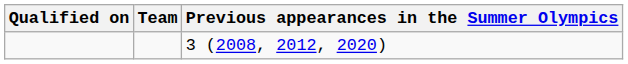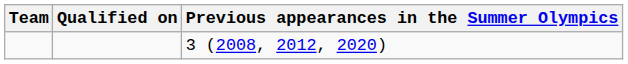 <table class="wikitable sortable">
 <tr>
+<th>Team</th>
 <th>Qualified on</th>
-<th>Team</th>
 <th data-sort-type="number">Previous appearances in the <a href='#'>Summer Olympics</a></th>
 </tr>
 <tr>
 <td></td>
 <td></td>
 <td>3 (<a href='#'>2008</a>, <a href='#'>2012</a>, <a href='#'>2020</a>)</td>
 </tr>
 </table>
